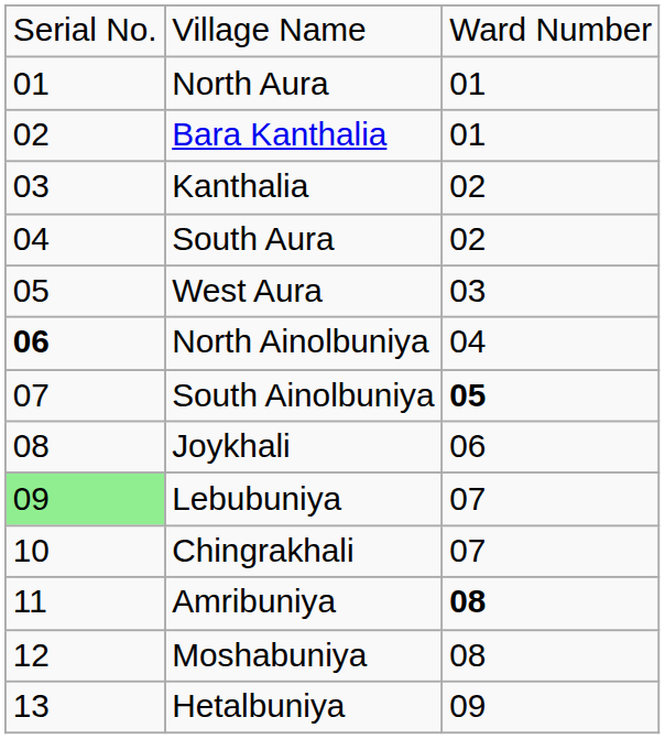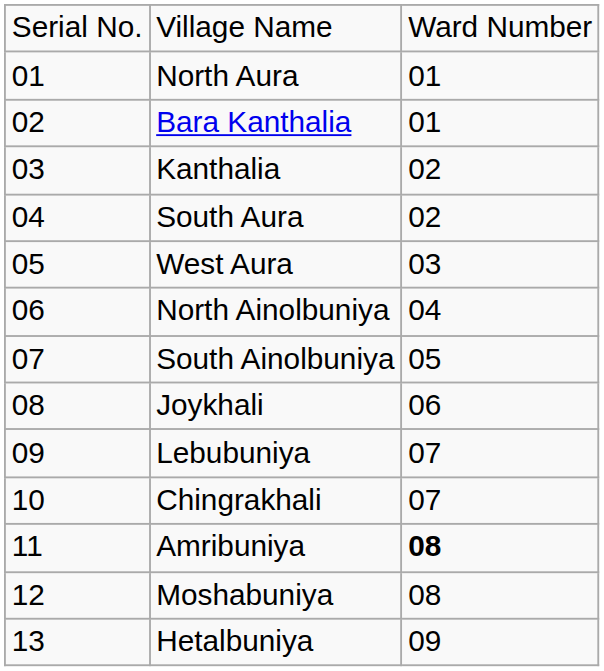 <table class="wikitable">
 <tr>
 <td>Serial No.</td>
 <td>Village Name</td>
 <td>Ward Number</td>
 </tr>
 <tr>
 <td>01</td>
 <td>North Aura</td>
 <td>01</td>
 </tr>
 <tr>
 <td>02</td>
 <td><a href='#'>Bara Kanthalia</a></td>
 <td>01</td>
 </tr>
 <tr>
 <td>03</td>
 <td>Kanthalia</td>
 <td>02</td>
 </tr>
 <tr>
 <td>04</td>
 <td>South Aura</td>
 <td>02</td>
 </tr>
 <tr>
 <td>05</td>
 <td>West Aura</td>
 <td>03</td>
 </tr>
 <tr>
-<td><strong>06</strong></td>
+<td>06</td>
 <td>North Ainolbuniya</td>
 <td>04</td>
 </tr>
 <tr>
 <td>07</td>
 <td>South Ainolbuniya</td>
-<td><strong>05</strong></td>
+<td>05</td>
 </tr>
 <tr>
 <td>08</td>
 <td>Joykhali</td>
 <td>06</td>
 </tr>
 <tr>
-<td style="background: lightgreen;">09</td>
+<td>09</td>
 <td>Lebubuniya</td>
 <td>07</td>
 </tr>
 <tr>
 <td>10</td>
 <td>Chingrakhali</td>
 <td>07</td>
 </tr>
 <tr>
 <td>11</td>
 <td>Amribuniya</td>
 <td><strong>08</strong></td>
 </tr>
 <tr>
 <td>12</td>
 <td>Moshabuniya</td>
 <td>08</td>
 </tr>
 <tr>
 <td>13</td>
 <td>Hetalbuniya</td>
 <td>09</td>
 </tr>
 </table>
